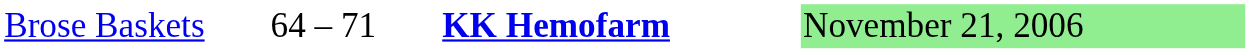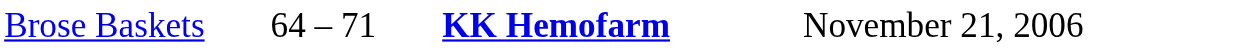 <table style="text-align:center">
 <tr>
 <th width=160></th>
 <th width=100></th>
 <th width=160></th>
 <th width=200></th>
 </tr>
 <tr>
 <td align=right><a href='#'>Brose Baskets</a> </td>
 <td>64 – 71</td>
 <td align=left> <strong><a href='#'>KK Hemofarm</a></strong></td>
-<td align=left style="background: lightgreen;">November 21, 2006</td>
+<td align=left>November 21, 2006</td>
 </tr>
 </table>
